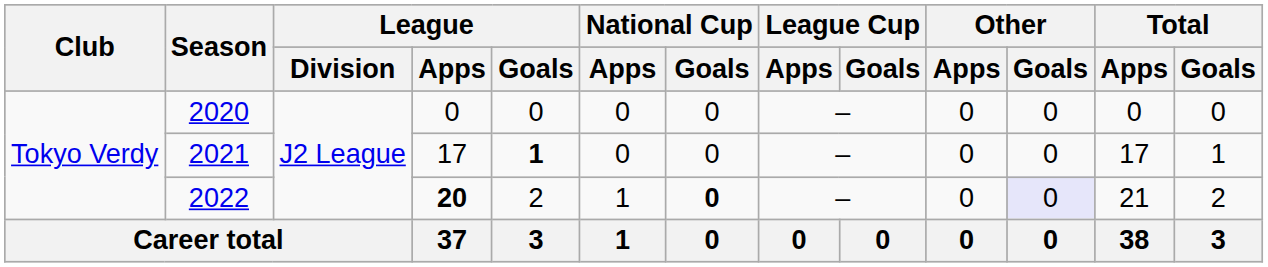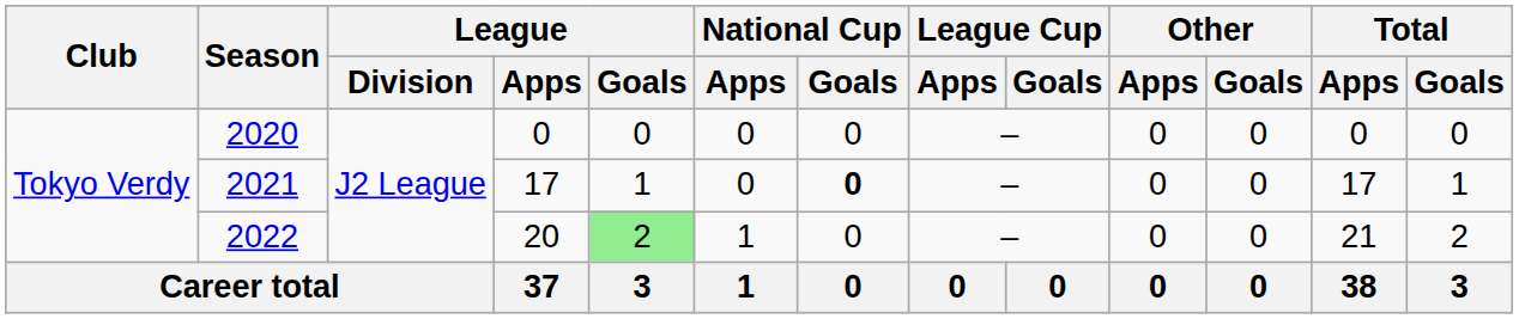 <table class="wikitable" style="text-align: center">
 <tr>
 <th rowspan="2">Club</th>
 <th rowspan="2">Season</th>
 <th colspan="3">League</th>
 <th colspan="2">National Cup</th>
 <th colspan="2">League Cup</th>
 <th colspan="2">Other</th>
 <th colspan="2">Total</th>
 </tr>
 <tr>
 <th>Division</th>
 <th>Apps</th>
 <th>Goals</th>
 <th>Apps</th>
 <th>Goals</th>
 <th>Apps</th>
 <th>Goals</th>
 <th>Apps</th>
 <th>Goals</th>
 <th>Apps</th>
 <th>Goals</th>
 </tr>
 <tr>
 <td rowspan="3"><a href='#'>Tokyo Verdy</a></td>
 <td><a href='#'>2020</a></td>
 <td rowspan="3"><a href='#'>J2 League</a></td>
 <td>0</td>
 <td>0</td>
 <td>0</td>
 <td>0</td>
 <td colspan="2">–</td>
 <td>0</td>
 <td>0</td>
 <td>0</td>
 <td>0</td>
 </tr>
 <tr>
 <td><a href='#'>2021</a></td>
 <td>17</td>
-<td><strong>1</strong></td>
+<td>1</td>
 <td>0</td>
-<td>0</td>
+<td><strong>0</strong></td>
 <td colspan="2">–</td>
 <td>0</td>
 <td>0</td>
 <td>17</td>
 <td>1</td>
 </tr>
 <tr>
 <td><a href='#'>2022</a></td>
-<td><strong>20</strong></td>
-<td>2</td>
+<td>20</td>
+<td style="background: lightgreen;">2</td>
 <td>1</td>
-<td><strong>0</strong></td>
+<td>0</td>
 <td colspan="2">–</td>
 <td>0</td>
-<td style="background: lavender;">0</td>
+<td>0</td>
 <td>21</td>
 <td>2</td>
 </tr>
 <tr>
 <th colspan="3">Career total</th>
 <th>37</th>
 <th>3</th>
 <th>1</th>
 <th>0</th>
 <th>0</th>
 <th>0</th>
 <th>0</th>
 <th>0</th>
 <th>38</th>
 <th>3</th>
 </tr>
 </table>
